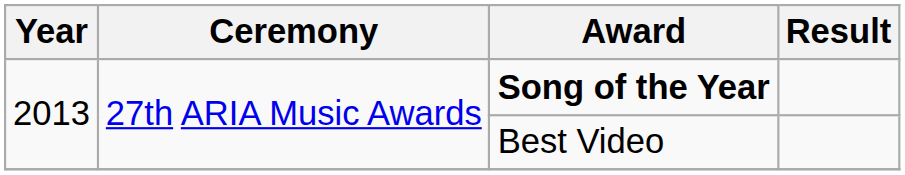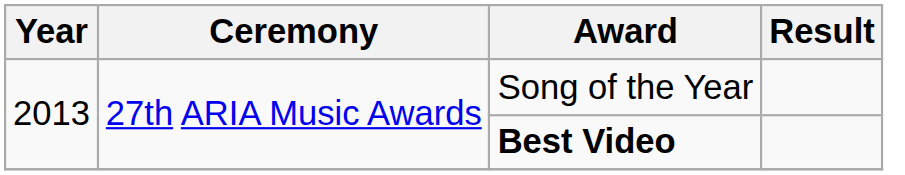 <table class="wikitable">
 <tr>
 <th>Year</th>
 <th>Ceremony</th>
 <th>Award</th>
 <th>Result</th>
 </tr>
 <tr>
 <td rowspan="2">2013</td>
 <td rowspan="2"><a href='#'>27th</a> <a href='#'>ARIA Music Awards</a></td>
-<td><strong>Song of the Year</strong></td>
+<td>Song of the Year</td>
 <td></td>
 </tr>
 <tr>
-<td>Best Video</td>
+<td><strong>Best Video</strong></td>
 <td></td>
 </tr>
 <tr>
 </tr>
 </table>
